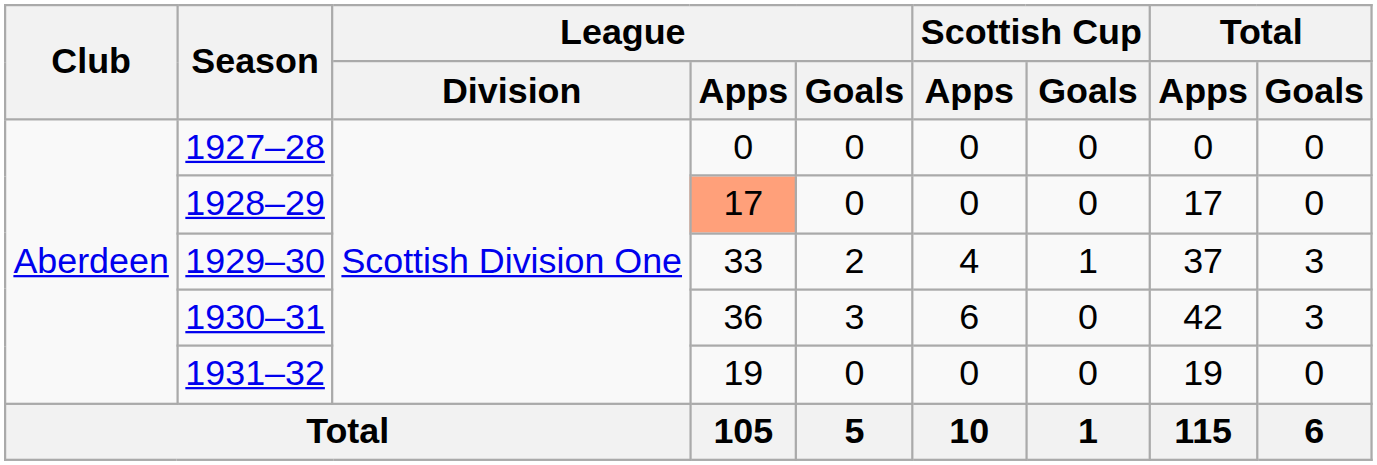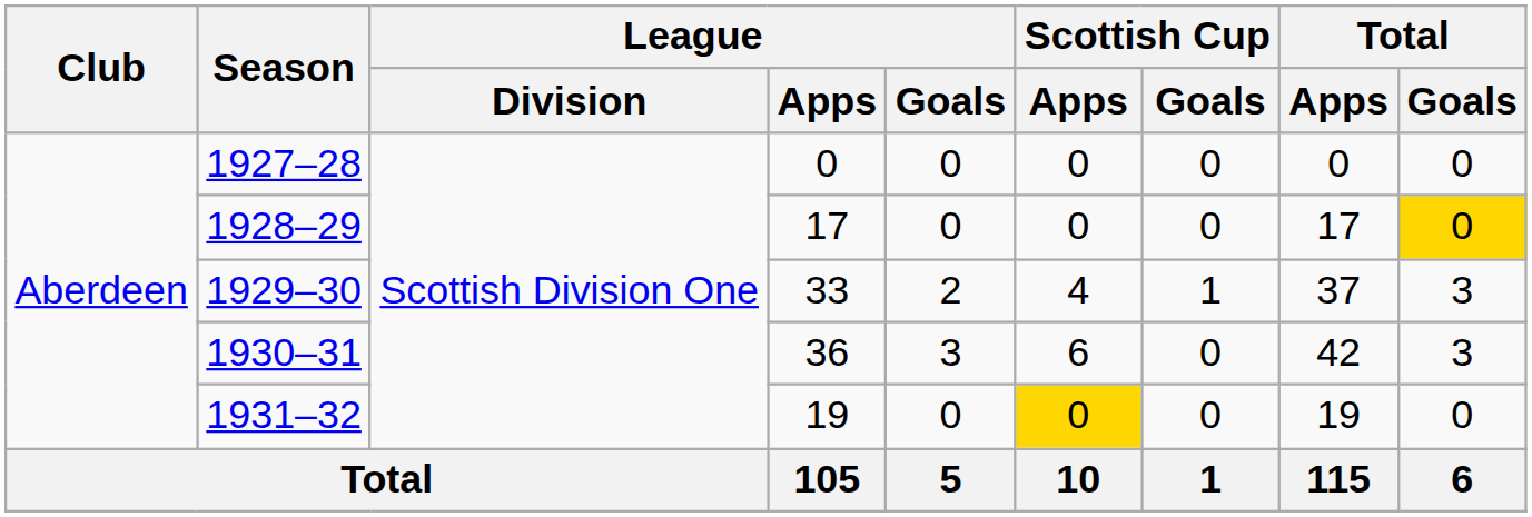 <table class="wikitable" style="text-align:center">
 <tr>
 <th rowspan="2">Club</th>
 <th rowspan="2">Season</th>
 <th colspan="3">League</th>
 <th colspan="2">Scottish Cup</th>
 <th colspan="2">Total</th>
 </tr>
 <tr>
 <th>Division</th>
 <th>Apps</th>
 <th>Goals</th>
 <th>Apps</th>
 <th>Goals</th>
 <th>Apps</th>
 <th>Goals</th>
 </tr>
 <tr>
 <td rowspan="5"><a href='#'>Aberdeen</a></td>
 <td><a href='#'>1927–28</a></td>
 <td rowspan="5"><a href='#'>Scottish Division One</a></td>
 <td>0</td>
 <td>0</td>
 <td>0</td>
 <td>0</td>
 <td>0</td>
 <td>0</td>
 </tr>
 <tr>
 <td><a href='#'>1928–29</a></td>
-<td style="background: lightsalmon;">17</td>
+<td>17</td>
 <td>0</td>
 <td>0</td>
 <td>0</td>
 <td>17</td>
-<td>0</td>
+<td style="background: gold;">0</td>
 </tr>
 <tr>
 <td><a href='#'>1929–30</a></td>
 <td>33</td>
 <td>2</td>
 <td>4</td>
 <td>1</td>
 <td>37</td>
 <td>3</td>
 </tr>
 <tr>
 <td><a href='#'>1930–31</a></td>
 <td>36</td>
 <td>3</td>
 <td>6</td>
 <td>0</td>
 <td>42</td>
 <td>3</td>
 </tr>
 <tr>
 <td><a href='#'>1931–32</a></td>
 <td>19</td>
 <td>0</td>
-<td>0</td>
+<td style="background: gold;">0</td>
 <td>0</td>
 <td>19</td>
 <td>0</td>
 </tr>
 <tr>
 <th colspan="3">Total</th>
 <th>105</th>
 <th>5</th>
 <th>10</th>
 <th>1</th>
 <th>115</th>
 <th>6</th>
 </tr>
 </table>
